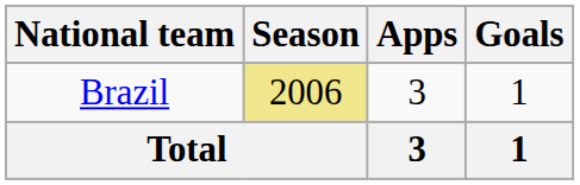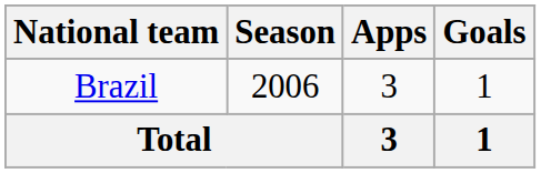 <table class="wikitable" style="text-align: center;">
 <tr>
 <th>National team</th>
 <th>Season</th>
 <th>Apps</th>
 <th>Goals</th>
 </tr>
 <tr>
 <td><a href='#'>Brazil</a></td>
-<td style="background: khaki;">2006</td>
+<td>2006</td>
 <td>3</td>
 <td>1</td>
 </tr>
 <tr>
 <th colspan="2">Total</th>
 <th>3</th>
 <th>1</th>
 </tr>
 </table>
